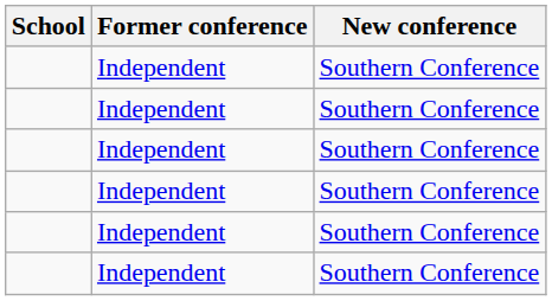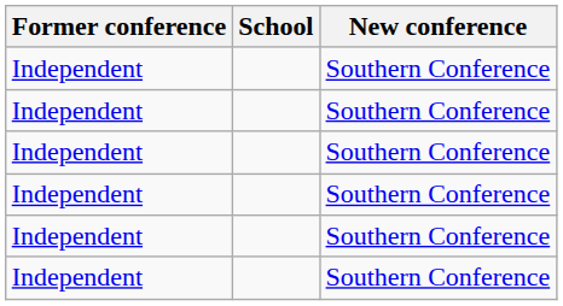 <table class="wikitable sortable">
 <tr>
+<th>Former conference</th>
 <th>School</th>
-<th>Former conference</th>
 <th>New conference</th>
 </tr>
 <tr>
+<td><a href='#'>Independent</a></td>
 <td></td>
-<td><a href='#'>Independent</a></td>
 <td><a href='#'>Southern Conference</a></td>
 </tr>
 <tr>
+<td><a href='#'>Independent</a></td>
 <td></td>
-<td><a href='#'>Independent</a></td>
 <td><a href='#'>Southern Conference</a></td>
 </tr>
 <tr>
+<td><a href='#'>Independent</a></td>
 <td></td>
-<td><a href='#'>Independent</a></td>
 <td><a href='#'>Southern Conference</a></td>
 </tr>
 <tr>
+<td><a href='#'>Independent</a></td>
 <td></td>
-<td><a href='#'>Independent</a></td>
 <td><a href='#'>Southern Conference</a></td>
 </tr>
 <tr>
+<td><a href='#'>Independent</a></td>
 <td></td>
-<td><a href='#'>Independent</a></td>
 <td><a href='#'>Southern Conference</a></td>
 </tr>
 <tr>
+<td><a href='#'>Independent</a></td>
 <td></td>
-<td><a href='#'>Independent</a></td>
 <td><a href='#'>Southern Conference</a></td>
 </tr>
 </table>
